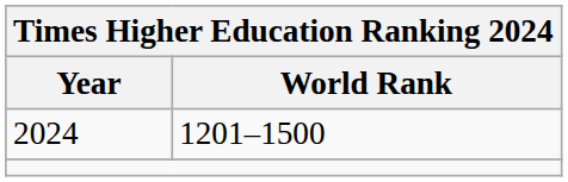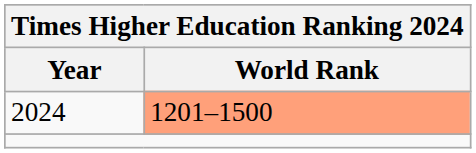 <table class="wikitable">
 <tr>
 <th colspan="2"><strong>Times Higher Education Ranking 2024</strong></th>
 </tr>
 <tr>
 <th>Year</th>
 <th>World Rank</th>
 </tr>
 <tr>
 <td>2024</td>
-<td>1201–1500</td>
+<td style="background: lightsalmon;">1201–1500</td>
 </tr>
 <tr>
 <td colspan="2"></td>
 </tr>
 </table>
